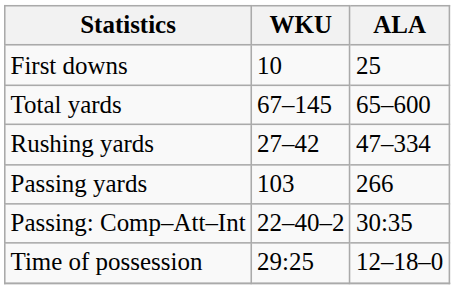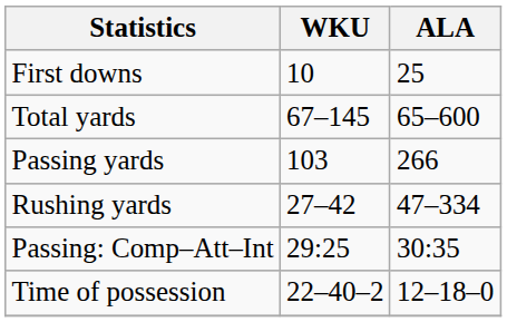 <table class="wikitable" style="float: left;">
 <tr>
 <th>Statistics</th>
 <th>WKU</th>
 <th>ALA</th>
 </tr>
 <tr>
 <td>First downs</td>
 <td>10</td>
 <td>25</td>
 </tr>
 <tr>
 <td>Total yards</td>
 <td>67–145</td>
 <td>65–600</td>
 </tr>
 <tr>
+<td>Passing yards</td>
+<td>103</td>
+<td>266</td>
+</tr>
+<tr>
 <td>Rushing yards</td>
 <td>27–42</td>
 <td>47–334</td>
 </tr>
 <tr>
-<td>Passing yards</td>
-<td>103</td>
-<td>266</td>
-</tr>
-<tr>
 <td>Passing: Comp–Att–Int</td>
-<td>22–40–2</td>
+<td>29:25</td>
 <td>30:35</td>
 </tr>
 <tr>
 <td>Time of possession</td>
-<td>29:25</td>
+<td>22–40–2</td>
 <td>12–18–0</td>
 </tr>
 <tr>
 </tr>
 </table>
